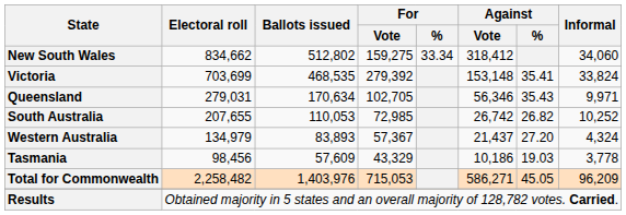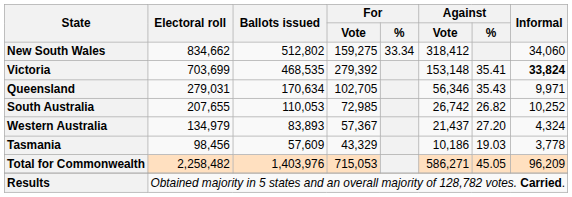 <table class="wikitable">
 <tr align=center>
 <th rowspan="2">State</th>
 <th rowspan="2">Electoral roll</th>
 <th rowspan="2">Ballots issued</th>
 <th align=center colspan="2">For</th>
 <th align=center colspan="2">Against</th>
 <th align=center rowspan="2">Informal</th>
 </tr>
 <tr>
 <th align=center>Vote</th>
 <th align=center>%</th>
 <th align=center>Vote</th>
 <th align=center>%</th>
 </tr>
 <tr align="right">
 <th style="text-align:left;">New South Wales</th>
 <td>834,662</td>
 <td>512,802</td>
 <td>159,275</td>
 <td align=center>33.34</td>
 <td>318,412</td>
 <th></th>
 <td>34,060</td>
 </tr>
 <tr align="right">
 <th style="text-align:left;">Victoria</th>
 <td>703,699</td>
 <td>468,535</td>
 <td>279,392</td>
 <th></th>
 <td>153,148</td>
 <td align=center>35.41</td>
-<td>33,824</td>
+<td><strong>33,824</strong></td>
 </tr>
 <tr align="right">
 <th style="text-align:left;">Queensland</th>
 <td>279,031</td>
 <td>170,634</td>
 <td>102,705</td>
 <th></th>
 <td>56,346</td>
 <td align=center>35.43</td>
 <td>9,971</td>
 </tr>
 <tr align="right">
 <th style="text-align:left;">South Australia</th>
 <td>207,655</td>
 <td>110,053</td>
 <td>72,985</td>
 <th></th>
 <td>26,742</td>
 <td align=center>26.82</td>
 <td>10,252</td>
 </tr>
 <tr align="right">
 <th style="text-align:left;">Western Australia</th>
 <td>134,979</td>
 <td>83,893</td>
 <td>57,367</td>
 <th></th>
 <td>21,437</td>
 <td align=center>27.20</td>
 <td>4,324</td>
 </tr>
 <tr align="right">
 <th style="text-align:left;">Tasmania</th>
 <td>98,456</td>
 <td>57,609</td>
 <td>43,329</td>
 <th></th>
 <td>10,186</td>
 <td align=center>19.03</td>
 <td>3,778</td>
 </tr>
 <tr bgcolor=#FFE0C0 align="right">
 <th style="text-align:left;">Total for Commonwealth</th>
 <td>2,258,482</td>
 <td>1,403,976</td>
 <td>715,053</td>
 <th></th>
 <td>586,271</td>
 <td align=center>45.05</td>
 <td>96,209</td>
 </tr>
 <tr>
 </tr>
 <tr ---->
 <th style="text-align:left;">Results</th>
 <td colSpan="8"><em>Obtained majority in 5 states and an overall majority of 128,782 votes.</em> <strong>Carried</strong>.</td>
 </tr>
 </table>
